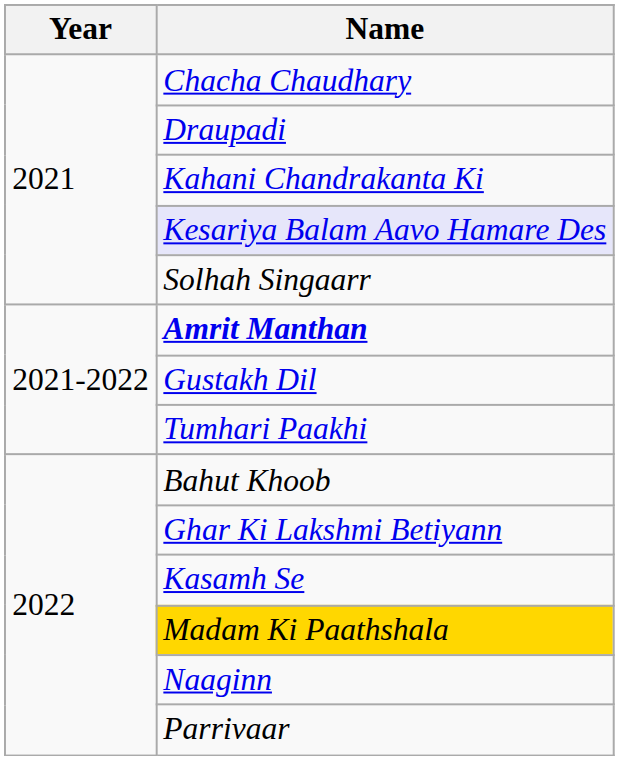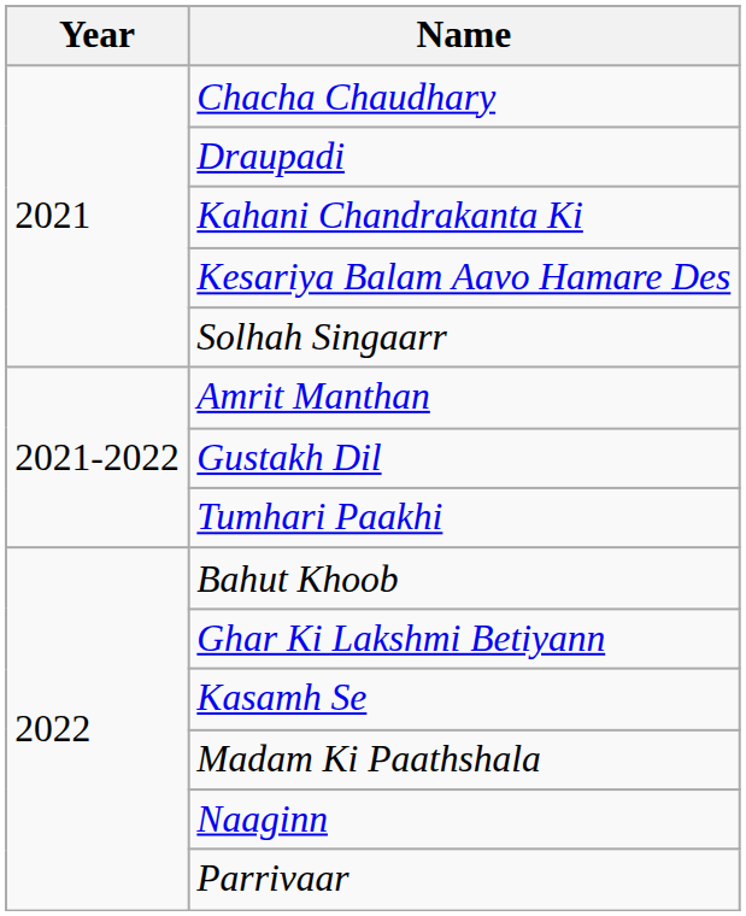 <table class="wikitable">
 <tr>
 <th>Year</th>
 <th>Name</th>
 </tr>
 <tr>
 <td rowspan="5">2021</td>
 <td><em><a href='#'>Chacha Chaudhary</a></em></td>
 </tr>
 <tr>
 <td><em><a href='#'>Draupadi</a></em></td>
 </tr>
 <tr>
 <td><em><a href='#'>Kahani Chandrakanta Ki</a></em></td>
 </tr>
 <tr>
-<td style="background: lavender;"><em><a href='#'>Kesariya Balam Aavo Hamare Des</a> </em></td>
+<td><em><a href='#'>Kesariya Balam Aavo Hamare Des</a> </em></td>
 </tr>
 <tr>
 <td><em>Solhah Singaarr</em></td>
 </tr>
 <tr>
 <td rowspan="3">2021-2022</td>
-<td><strong><em><a href='#'>Amrit Manthan</a></em></strong></td>
+<td><em><a href='#'>Amrit Manthan</a></em></td>
 </tr>
 <tr>
 <td><em><a href='#'>Gustakh Dil</a></em></td>
 </tr>
 <tr>
 <td><em><a href='#'>Tumhari Paakhi</a></em></td>
 </tr>
 <tr>
 <td rowspan="6">2022</td>
 <td><em>Bahut Khoob</em></td>
 </tr>
 <tr>
 <td><em><a href='#'>Ghar Ki Lakshmi Betiyann</a></em></td>
 </tr>
 <tr>
 <td><em><a href='#'>Kasamh Se</a></em></td>
 </tr>
 <tr>
-<td style="background: gold;"><em>Madam Ki Paathshala</em></td>
+<td><em>Madam Ki Paathshala</em></td>
 </tr>
 <tr>
 <td><em><a href='#'>Naaginn</a></em></td>
 </tr>
 <tr>
 <td><em>Parrivaar</em></td>
 </tr>
 </table>
